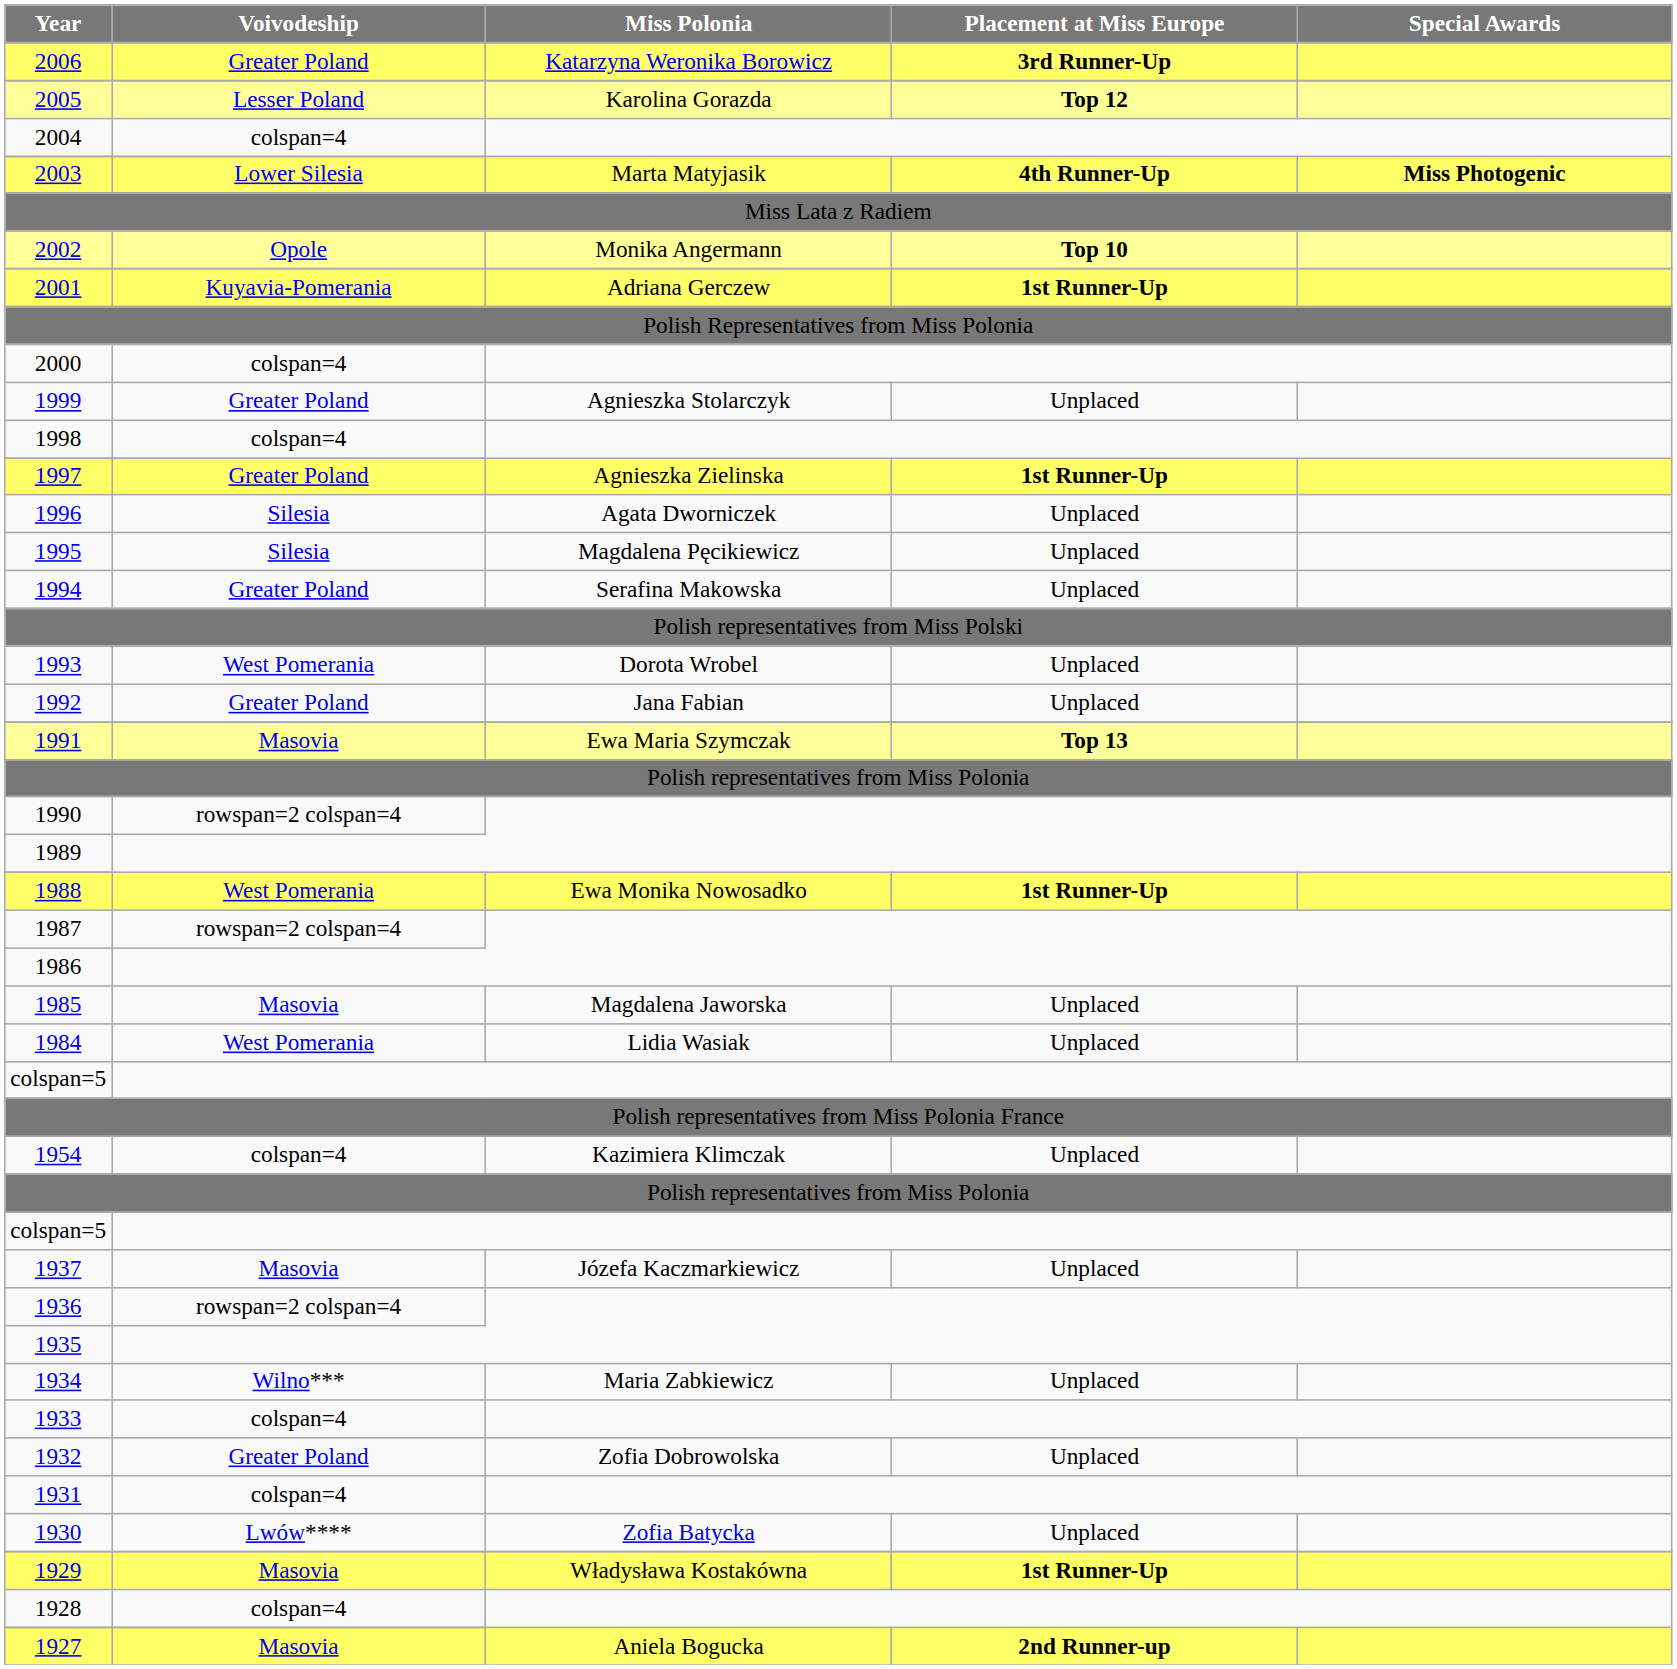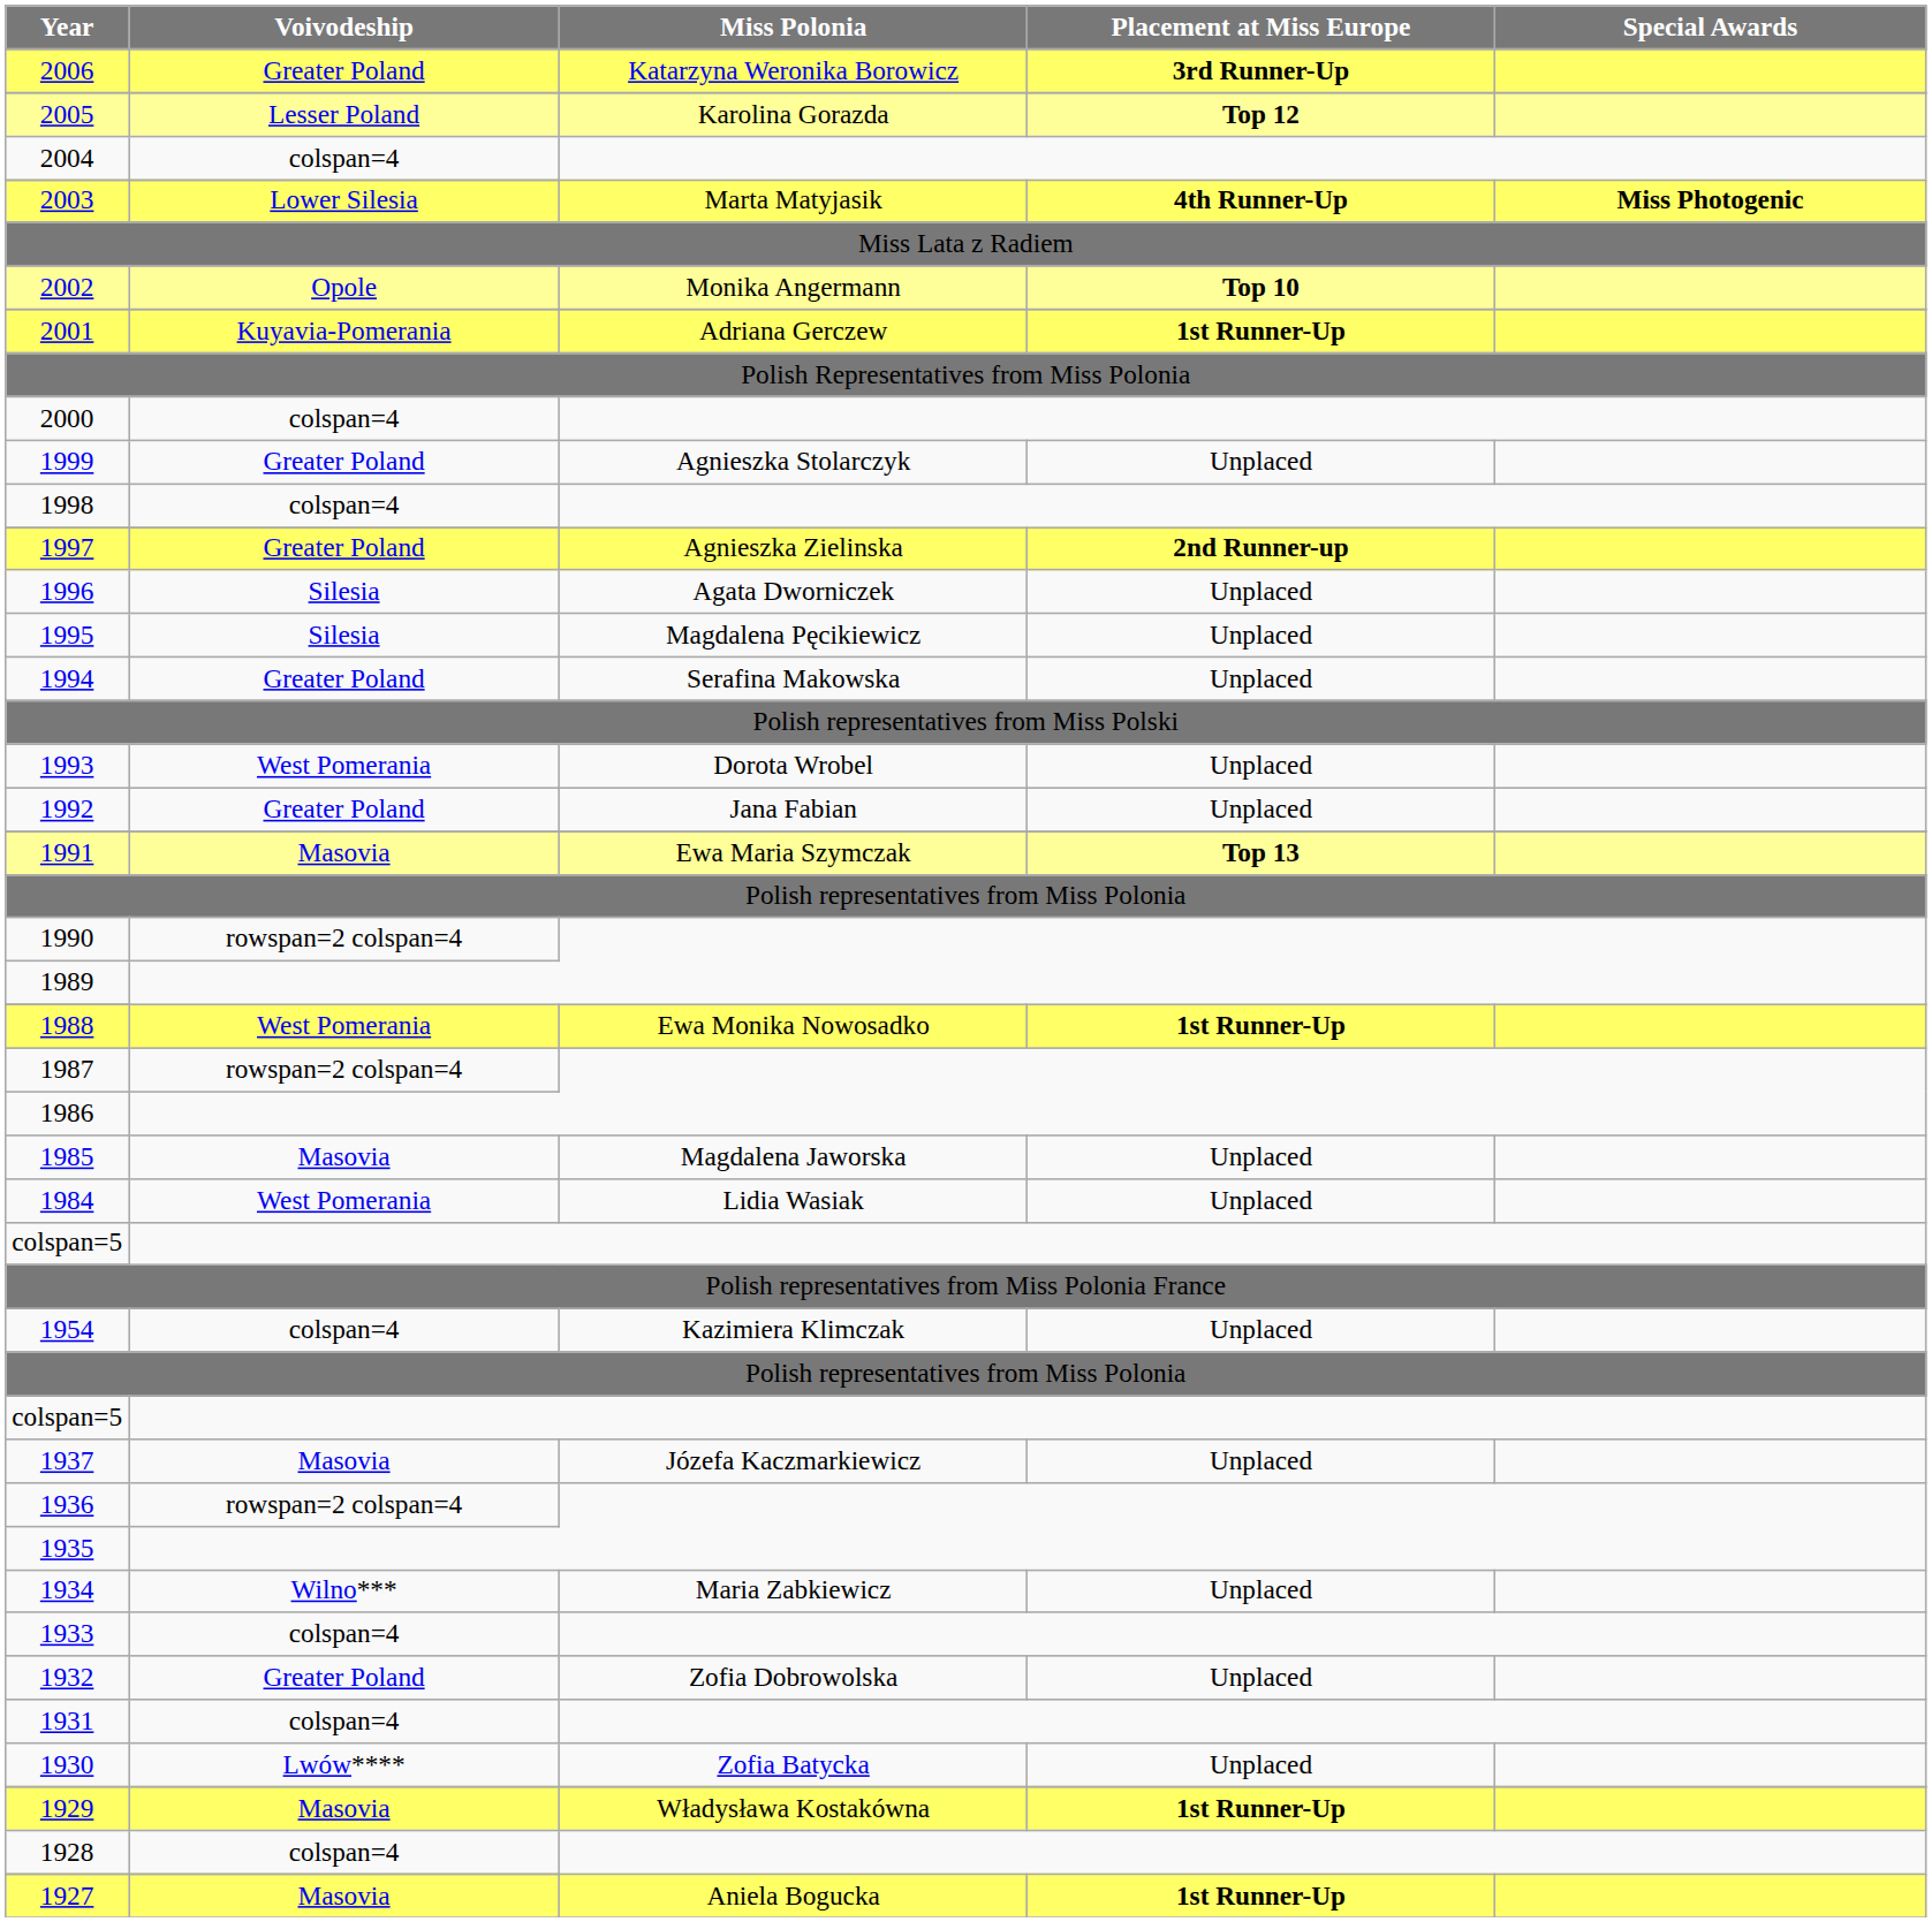 <table class="wikitable" style="font-size: 92%; text-align:center">
 <tr>
 <th width="60" style="background-color:#787878;color:#FFFFFF;">Year</th>
 <th width="230" style="background-color:#787878;color:#FFFFFF;">Voivodeship</th>
 <th width="250" style="background-color:#787878;color:#FFFFFF;">Miss Polonia</th>
 <th width="250" style="background-color:#787878;color:#FFFFFF;">Placement at Miss Europe</th>
 <th width="230" style="background-color:#787878;color:#FFFFFF;">Special Awards</th>
 </tr>
 <tr>
 </tr>
 <tr style="background-color:#FFFF66;">
 <td><a href='#'>2006</a></td>
 <td><a href='#'>Greater Poland</a></td>
 <td><a href='#'>Katarzyna Weronika Borowicz</a></td>
 <td><strong>3rd Runner-Up</strong></td>
 <td></td>
 </tr>
 <tr>
 </tr>
 <tr style="background-color:#FFFF99;">
 <td><a href='#'>2005</a></td>
 <td><a href='#'>Lesser Poland</a></td>
 <td>Karolina Gorazda</td>
 <td><strong>Top 12</strong></td>
 <td></td>
 </tr>
 <tr>
 <td>2004</td>
 <td>colspan=4 </td>
 </tr>
 <tr>
 </tr>
 <tr style="background-color:#FFFF66;">
 <td><a href='#'>2003</a></td>
 <td><a href='#'>Lower Silesia</a></td>
 <td>Marta Matyjasik</td>
 <td><strong>4th Runner-Up</strong></td>
 <td><strong>Miss Photogenic</strong></td>
 </tr>
 <tr>
 </tr>
 <tr bgcolor="#787878" align="center">
 <td colspan="5"><span>Miss Lata z Radiem</span></td>
 </tr>
 <tr>
 </tr>
 <tr style="background-color:#FFFF99;">
 <td><a href='#'>2002</a></td>
 <td><a href='#'>Opole</a></td>
 <td>Monika Angermann</td>
 <td><strong>Top 10</strong></td>
 <td></td>
 </tr>
 <tr>
 </tr>
 <tr style="background-color:#FFFF66;">
 <td><a href='#'>2001</a></td>
 <td><a href='#'>Kuyavia-Pomerania</a></td>
 <td>Adriana Gerczew</td>
 <td><strong>1st Runner-Up</strong></td>
 <td></td>
 </tr>
 <tr>
 </tr>
 <tr bgcolor="#787878" align="center">
 <td colspan="5"><span>Polish Representatives from Miss Polonia</span></td>
 </tr>
 <tr>
 <td>2000</td>
 <td>colspan=4 </td>
 </tr>
 <tr>
 <td><a href='#'>1999</a></td>
 <td><a href='#'>Greater Poland</a></td>
 <td>Agnieszka Stolarczyk</td>
 <td>Unplaced</td>
 <td></td>
 </tr>
 <tr>
 <td>1998</td>
 <td>colspan=4 </td>
 </tr>
 <tr>
 </tr>
 <tr style="background-color:#FFFF66;">
 <td><a href='#'>1997</a></td>
 <td><a href='#'>Greater Poland</a></td>
 <td>Agnieszka Zielinska</td>
-<td><strong>1st Runner-Up</strong></td>
+<td><strong>2nd Runner-up</strong></td>
 <td></td>
 </tr>
 <tr>
 <td><a href='#'>1996</a></td>
 <td><a href='#'>Silesia</a></td>
 <td>Agata Dworniczek</td>
 <td>Unplaced</td>
 <td></td>
 </tr>
 <tr>
 <td><a href='#'>1995</a></td>
 <td><a href='#'>Silesia</a></td>
 <td>Magdalena Pęcikiewicz</td>
 <td>Unplaced</td>
 <td></td>
 </tr>
 <tr>
 <td><a href='#'>1994</a></td>
 <td><a href='#'>Greater Poland</a></td>
 <td>Serafina Makowska</td>
 <td>Unplaced</td>
 <td></td>
 </tr>
 <tr>
 </tr>
 <tr bgcolor="#787878" align="center">
 <td colspan="5"><span>Polish representatives from Miss Polski</span></td>
 </tr>
 <tr>
 <td><a href='#'>1993</a></td>
 <td><a href='#'>West Pomerania</a></td>
 <td>Dorota Wrobel</td>
 <td>Unplaced</td>
 <td></td>
 </tr>
 <tr>
 <td><a href='#'>1992</a></td>
 <td><a href='#'>Greater Poland</a></td>
 <td>Jana Fabian</td>
 <td>Unplaced</td>
 <td></td>
 </tr>
 <tr>
 </tr>
 <tr style="background-color:#FFFF99;">
 <td><a href='#'>1991</a></td>
 <td><a href='#'>Masovia</a></td>
 <td>Ewa Maria Szymczak</td>
 <td><strong>Top 13</strong></td>
 <td></td>
 </tr>
 <tr>
 </tr>
 <tr bgcolor="#787878" align="center">
 <td colspan="5"><span>Polish representatives from Miss Polonia</span></td>
 </tr>
 <tr>
 <td>1990</td>
 <td>rowspan=2 colspan=4 </td>
 </tr>
 <tr>
 <td>1989</td>
 </tr>
 <tr>
 </tr>
 <tr style="background-color:#FFFF66;">
 <td><a href='#'>1988</a></td>
 <td><a href='#'>West Pomerania</a></td>
 <td>Ewa Monika Nowosadko</td>
 <td><strong>1st Runner-Up</strong></td>
 <td></td>
 </tr>
 <tr>
 <td>1987</td>
 <td>rowspan=2 colspan=4 </td>
 </tr>
 <tr>
 <td>1986</td>
 </tr>
 <tr>
 <td><a href='#'>1985</a></td>
 <td><a href='#'>Masovia</a></td>
 <td>Magdalena Jaworska</td>
 <td>Unplaced</td>
 <td></td>
 </tr>
 <tr>
 <td><a href='#'>1984</a></td>
 <td><a href='#'>West Pomerania</a></td>
 <td>Lidia Wasiak</td>
 <td>Unplaced</td>
 <td></td>
 </tr>
 <tr>
 <td>colspan=5 </td>
 </tr>
 <tr>
 </tr>
 <tr bgcolor="#787878" align="center">
 <td colspan="5"><span>Polish representatives from Miss Polonia France</span></td>
 </tr>
 <tr>
 <td><a href='#'>1954</a></td>
 <td>colspan=4 </td>
 <td>Kazimiera Klimczak</td>
 <td>Unplaced</td>
 <td></td>
 </tr>
 <tr>
 </tr>
 <tr bgcolor="#787878" align="center">
 <td colspan="5"><span>Polish representatives from Miss Polonia</span></td>
 </tr>
 <tr>
 <td>colspan=5 </td>
 </tr>
 <tr>
 <td><a href='#'>1937</a></td>
 <td><a href='#'>Masovia</a></td>
 <td>Józefa Kaczmarkiewicz</td>
 <td>Unplaced</td>
 <td></td>
 </tr>
 <tr>
 <td><a href='#'>1936</a></td>
 <td>rowspan=2 colspan=4 </td>
 </tr>
 <tr>
 <td><a href='#'>1935</a></td>
 </tr>
 <tr>
 <td><a href='#'>1934</a></td>
 <td><a href='#'>Wilno</a>***</td>
 <td>Maria Zabkiewicz</td>
 <td>Unplaced</td>
 <td></td>
 </tr>
 <tr>
 <td><a href='#'>1933</a></td>
 <td>colspan=4 </td>
 </tr>
 <tr>
 <td><a href='#'>1932</a></td>
 <td><a href='#'>Greater Poland</a></td>
 <td>Zofia Dobrowolska</td>
 <td>Unplaced</td>
 <td></td>
 </tr>
 <tr>
 <td><a href='#'>1931</a></td>
 <td>colspan=4 </td>
 </tr>
 <tr>
 <td><a href='#'>1930</a></td>
 <td><a href='#'>Lwów</a>****</td>
 <td><a href='#'>Zofia Batycka</a></td>
 <td>Unplaced</td>
 <td></td>
 </tr>
 <tr>
 </tr>
 <tr style="background-color:#FFFF66;">
 <td><a href='#'>1929</a></td>
 <td><a href='#'>Masovia</a></td>
 <td>Władysława Kostakówna</td>
 <td><strong>1st Runner-Up</strong></td>
 <td></td>
 </tr>
 <tr>
 <td>1928</td>
 <td>colspan=4 </td>
 </tr>
 <tr>
 </tr>
 <tr style="background-color:#FFFF66;">
 <td><a href='#'>1927</a></td>
 <td><a href='#'>Masovia</a></td>
 <td>Aniela Bogucka</td>
-<td><strong>2nd Runner-up</strong></td>
+<td><strong>1st Runner-Up</strong></td>
 <td></td>
 </tr>
 <tr>
 </tr>
 </table>
